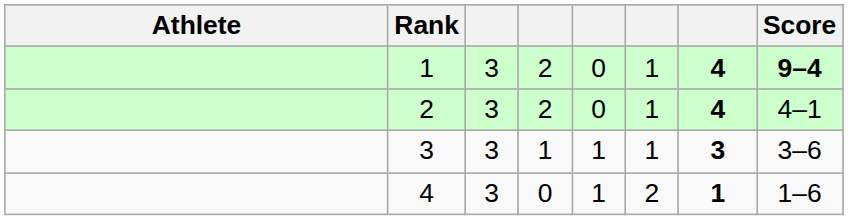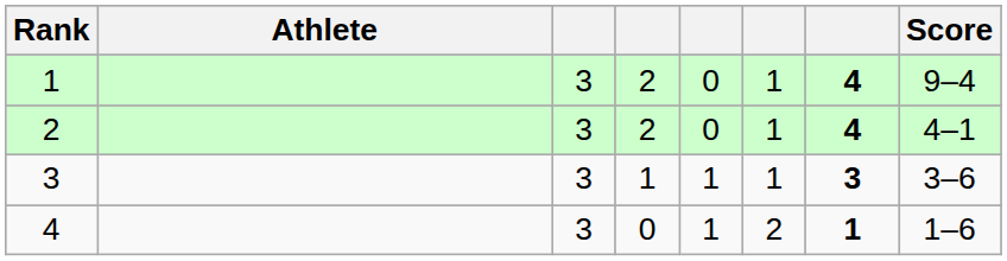 <table class="wikitable" style="text-align: center;">
 <tr>
+<th width=25>Rank</th>
 <th width=225>Athlete</th>
-<th width=25>Rank</th>
 <th width=25></th>
 <th width=25></th>
 <th width=25></th>
 <th width=25></th>
 <th width=40></th>
 <th width=40>Score</th>
 </tr>
 <tr bgcolor=ccffcc>
+<td>1</td>
 <td align=left></td>
-<td>1</td>
 <td>3</td>
 <td>2</td>
 <td>0</td>
 <td>1</td>
 <td><strong>4</strong></td>
-<td><strong>9–4</strong></td>
+<td>9–4</td>
 </tr>
 <tr bgcolor=ccffcc>
+<td>2</td>
 <td align=left></td>
-<td>2</td>
 <td>3</td>
 <td>2</td>
 <td>0</td>
 <td>1</td>
 <td><strong>4</strong></td>
 <td>4–1</td>
 </tr>
 <tr>
+<td>3</td>
 <td align=left></td>
-<td>3</td>
 <td>3</td>
 <td>1</td>
 <td>1</td>
 <td>1</td>
 <td><strong>3</strong></td>
 <td>3–6</td>
 </tr>
 <tr>
+<td>4</td>
 <td align=left></td>
-<td>4</td>
 <td>3</td>
 <td>0</td>
 <td>1</td>
 <td>2</td>
 <td><strong>1</strong></td>
 <td>1–6</td>
 </tr>
 </table>
